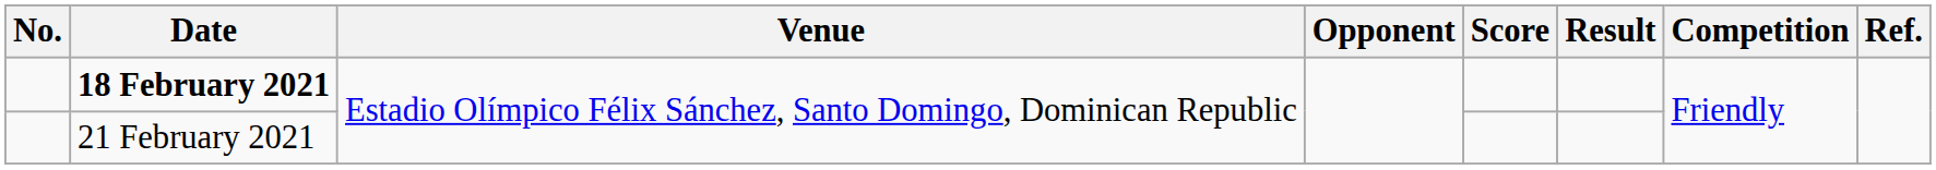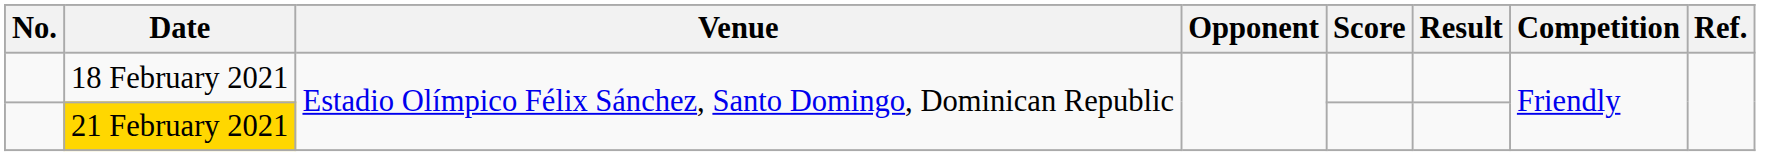 <table class="wikitable sortable">
 <tr>
 <th>No.</th>
 <th>Date</th>
 <th>Venue</th>
 <th>Opponent</th>
 <th>Score</th>
 <th>Result</th>
 <th>Competition</th>
 <th>Ref.</th>
 </tr>
 <tr>
 <td></td>
-<td><strong>18 February 2021</strong></td>
+<td>18 February 2021</td>
 <td rowspan=2><a href='#'>Estadio Olímpico Félix Sánchez</a>, <a href='#'>Santo Domingo</a>, Dominican Republic</td>
 <td rowspan=2></td>
 <td></td>
 <td></td>
 <td rowspan=2><a href='#'>Friendly</a></td>
 <td rowspan=2></td>
 </tr>
 <tr>
 <td></td>
-<td>21 February 2021</td>
+<td style="background: gold;">21 February 2021</td>
 <td></td>
 <td></td>
 </tr>
 </table>
